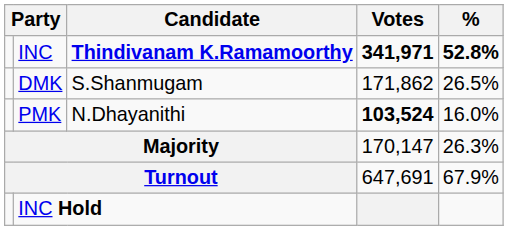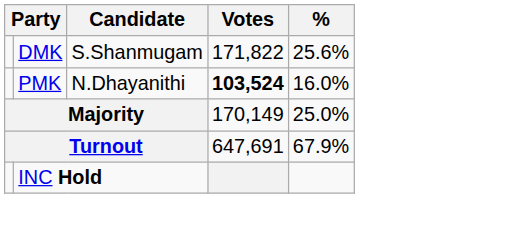 <table class="wikitable">
 <tr>
 <th colspan="2">Party</th>
 <th>Candidate</th>
 <th>Votes</th>
 <th>%</th>
 </tr>
 <tr>
 <td></td>
-<td><a href='#'>INC</a></td>
-<td><a href='#'><strong>Thindivanam K.Ramamoorthy</strong></a></td>
-<td><strong>341,971</strong></td>
-<td><strong>52.8%</strong></td>
-</tr>
-<tr>
-<td></td>
 <td><a href='#'>DMK</a></td>
 <td>S.Shanmugam</td>
-<td>171,862</td>
-<td>26.5%</td>
+<td>171,822</td>
+<td>25.6%</td>
 </tr>
 <tr>
 <td></td>
 <td><a href='#'>PMK</a></td>
 <td>N.Dhayanithi</td>
 <td><strong>103,524</strong></td>
 <td>16.0%</td>
 </tr>
 <tr>
 <th colspan="3">Majority</th>
-<td>170,147</td>
-<td>26.3%</td>
+<td>170,149</td>
+<td>25.0%</td>
 </tr>
 <tr>
 <th colspan="3"><a href='#'>Turnout</a></th>
 <td>647,691</td>
 <td>67.9%</td>
 </tr>
 <tr>
 <td></td>
 <td colspan="2"><a href='#'>INC</a> <strong>Hold</strong></td>
 <th></th>
 <td></td>
 </tr>
 </table>
